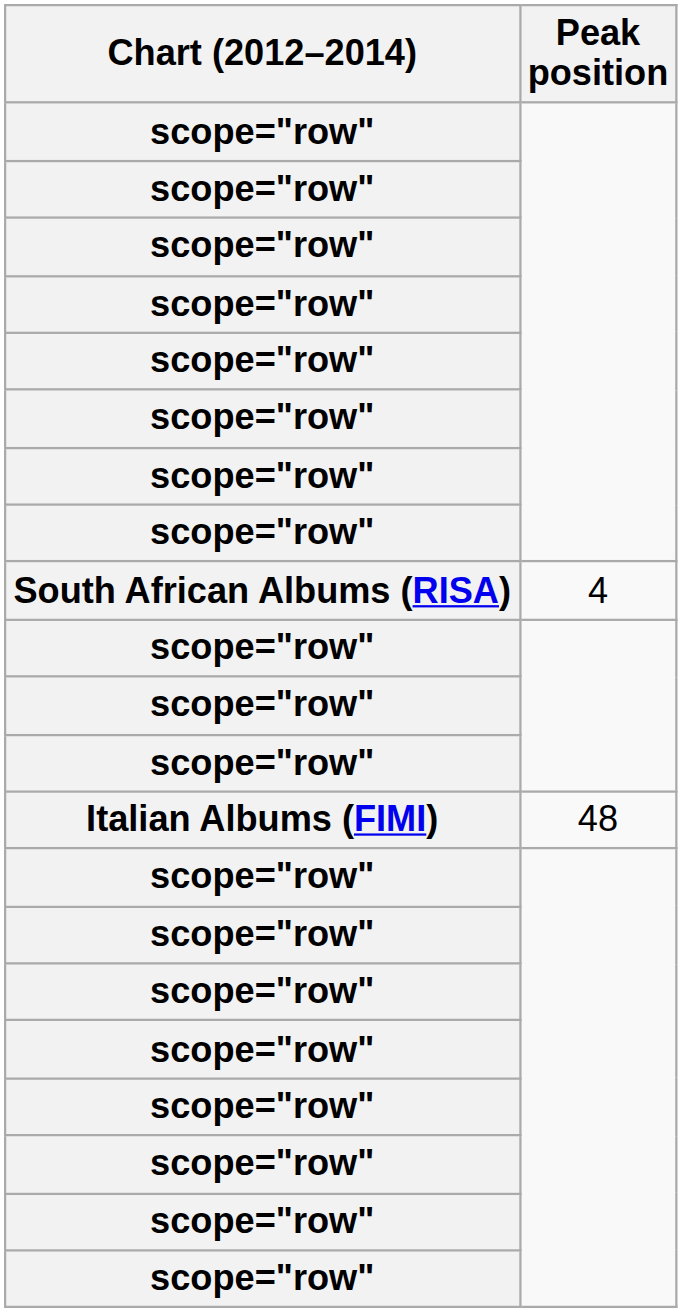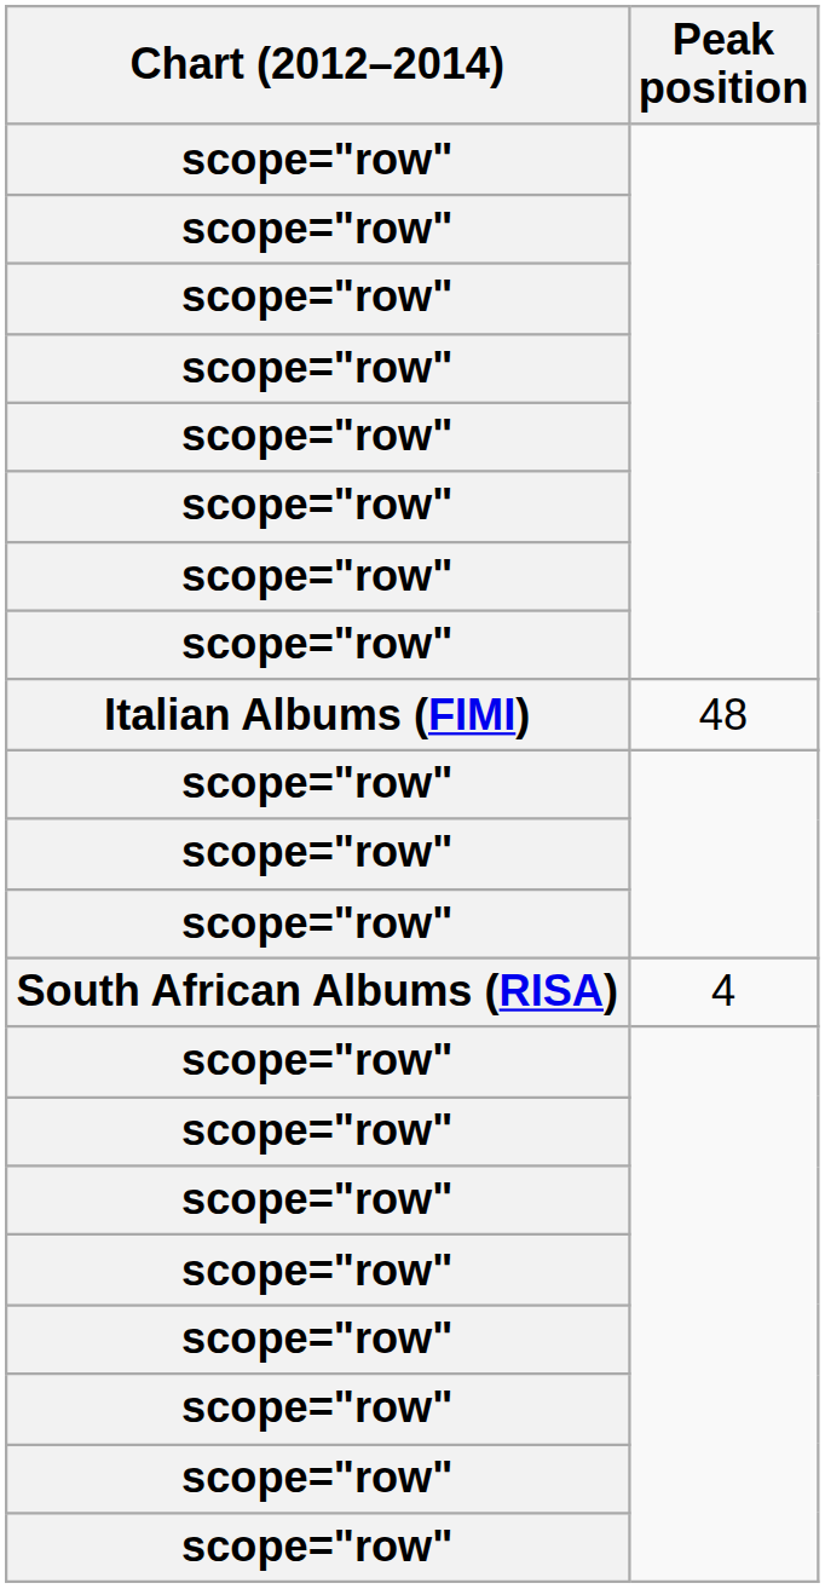 <table class="wikitable sortable plainrowheaders">
 <tr>
 <th scope="col">Chart (2012–2014)</th>
 <th scope="col">Peak<br>position</th>
 </tr>
 <tr>
 <th>scope="row"</th>
 </tr>
 <tr>
 <th>scope="row"</th>
 </tr>
 <tr>
 <th>scope="row"</th>
 </tr>
 <tr>
 <th>scope="row"</th>
 </tr>
 <tr>
 <th>scope="row"</th>
 </tr>
 <tr>
 <th>scope="row"</th>
 </tr>
 <tr>
 <th>scope="row"</th>
 </tr>
 <tr>
 <th>scope="row"</th>
 </tr>
 <tr>
-<th scope="row">South African Albums (<a href='#'>RISA</a>)</th>
-<td style="text-align:center;">4</td>
+<th scope="row">Italian Albums (<a href='#'>FIMI</a>)</th>
+<td style="text-align:center;">48</td>
 </tr>
 <tr>
 <th>scope="row"</th>
 </tr>
 <tr>
 <th>scope="row"</th>
 </tr>
 <tr>
 <th>scope="row"</th>
 </tr>
 <tr>
-<th scope="row">Italian Albums (<a href='#'>FIMI</a>)</th>
-<td style="text-align:center;">48</td>
+<th scope="row">South African Albums (<a href='#'>RISA</a>)</th>
+<td style="text-align:center;">4</td>
 </tr>
 <tr>
 <th>scope="row"</th>
 </tr>
 <tr>
 <th>scope="row"</th>
 </tr>
 <tr>
 <th>scope="row"</th>
 </tr>
 <tr>
 <th>scope="row"</th>
 </tr>
 <tr>
 <th>scope="row"</th>
 </tr>
 <tr>
 <th>scope="row"</th>
 </tr>
 <tr>
 <th>scope="row"</th>
 </tr>
 <tr>
 <th>scope="row"</th>
 </tr>
 </table>
